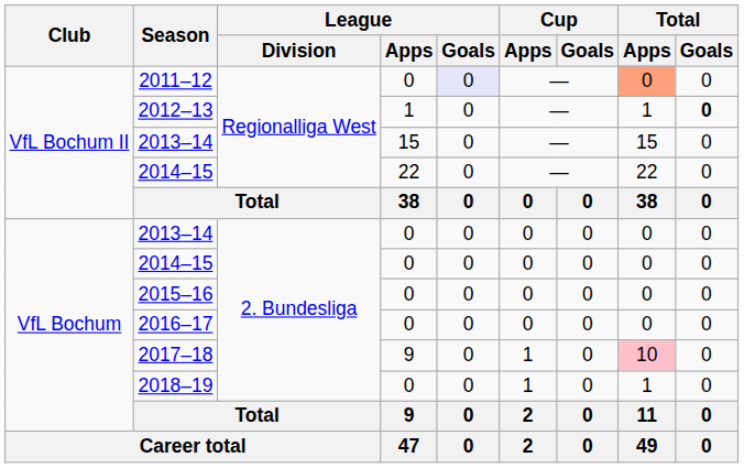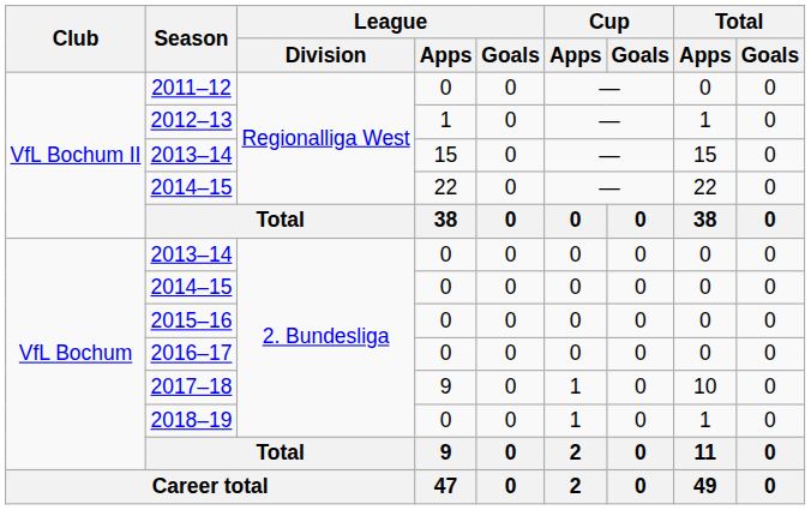 <table class="wikitable" style="text-align:center">
 <tr>
 <th rowspan="2">Club</th>
 <th rowspan="2">Season</th>
 <th colspan="3">League</th>
 <th colspan="2">Cup</th>
 <th colspan="2">Total</th>
 </tr>
 <tr>
 <th>Division</th>
 <th>Apps</th>
 <th>Goals</th>
 <th>Apps</th>
 <th>Goals</th>
 <th>Apps</th>
 <th>Goals</th>
 </tr>
 <tr>
 <td rowspan="5"><a href='#'>VfL Bochum II</a></td>
 <td><a href='#'>2011–12</a></td>
 <td rowspan="4"><a href='#'>Regionalliga West</a></td>
 <td>0</td>
-<td style="background: lavender;">0</td>
+<td>0</td>
 <td colspan="2">—</td>
-<td style="background: lightsalmon;">0</td>
+<td>0</td>
 <td>0</td>
 </tr>
 <tr>
 <td><a href='#'>2012–13</a></td>
 <td>1</td>
 <td>0</td>
 <td colspan="2">—</td>
 <td>1</td>
-<td><strong>0</strong></td>
+<td>0</td>
 </tr>
 <tr>
 <td><a href='#'>2013–14</a></td>
 <td>15</td>
 <td>0</td>
 <td colspan="2">—</td>
 <td>15</td>
 <td>0</td>
 </tr>
 <tr>
 <td><a href='#'>2014–15</a></td>
 <td>22</td>
 <td>0</td>
 <td colspan="2">—</td>
 <td>22</td>
 <td>0</td>
 </tr>
 <tr>
 <th colspan="2">Total</th>
 <th>38</th>
 <th>0</th>
 <th>0</th>
 <th>0</th>
 <th>38</th>
 <th>0</th>
 </tr>
 <tr>
 <td rowspan="7"><a href='#'>VfL Bochum</a></td>
 <td><a href='#'>2013–14</a></td>
 <td rowspan="6"><a href='#'>2. Bundesliga</a></td>
 <td>0</td>
 <td>0</td>
 <td>0</td>
 <td>0</td>
 <td>0</td>
 <td>0</td>
 </tr>
 <tr>
 <td><a href='#'>2014–15</a></td>
 <td>0</td>
 <td>0</td>
 <td>0</td>
 <td>0</td>
 <td>0</td>
 <td>0</td>
 </tr>
 <tr>
 <td><a href='#'>2015–16</a></td>
 <td>0</td>
 <td>0</td>
 <td>0</td>
 <td>0</td>
 <td>0</td>
 <td>0</td>
 </tr>
 <tr>
 <td><a href='#'>2016–17</a></td>
 <td>0</td>
 <td>0</td>
 <td>0</td>
 <td>0</td>
 <td>0</td>
 <td>0</td>
 </tr>
 <tr>
 <td><a href='#'>2017–18</a></td>
 <td>9</td>
 <td>0</td>
 <td>1</td>
 <td>0</td>
-<td style="background: pink;">10</td>
+<td>10</td>
 <td>0</td>
 </tr>
 <tr>
 <td><a href='#'>2018–19</a></td>
 <td>0</td>
 <td>0</td>
 <td>1</td>
 <td>0</td>
 <td>1</td>
 <td>0</td>
 </tr>
 <tr>
 <th colspan="2">Total</th>
 <th>9</th>
 <th>0</th>
 <th>2</th>
 <th>0</th>
 <th>11</th>
 <th>0</th>
 </tr>
 <tr>
 <th colspan="3">Career total</th>
 <th>47</th>
 <th>0</th>
 <th>2</th>
 <th>0</th>
 <th>49</th>
 <th>0</th>
 </tr>
 </table>
